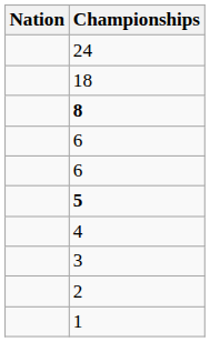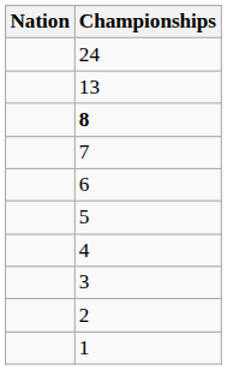 <table class="wikitable sortable">
 <tr>
 <th>Nation</th>
 <th>Championships</th>
 </tr>
 <tr>
 <td></td>
 <td>24</td>
 </tr>
 <tr>
 <td></td>
-<td>18</td>
+<td>13</td>
 </tr>
 <tr>
 <td></td>
 <td><strong>8</strong></td>
 </tr>
 <tr>
 <td></td>
-<td>6</td>
+<td>7</td>
 </tr>
 <tr>
 <td></td>
 <td>6</td>
 </tr>
 <tr>
 <td></td>
-<td><strong>5</strong></td>
+<td>5</td>
 </tr>
 <tr>
 <td></td>
 <td>4</td>
 </tr>
 <tr>
 <td></td>
 <td>3</td>
 </tr>
 <tr>
 <td></td>
 <td>2</td>
 </tr>
 <tr>
 <td></td>
 <td>1</td>
 </tr>
 </table>
